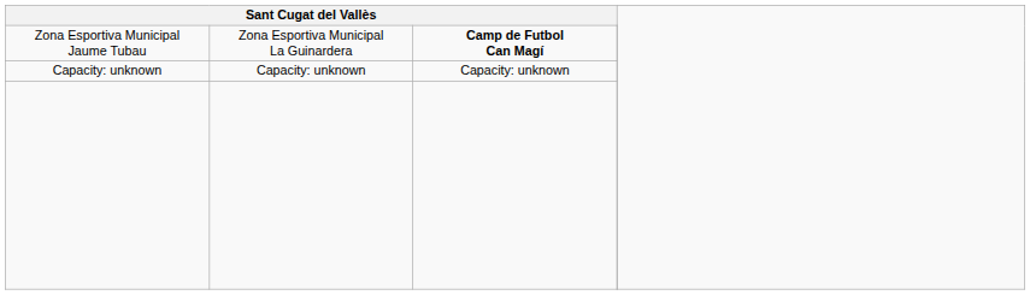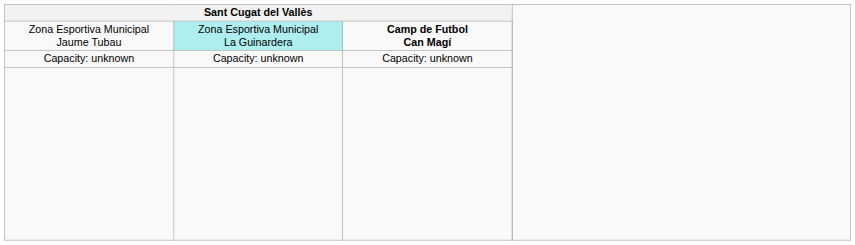 <table class="wikitable" style="text-align:center; margin:1em auto">
 <tr>
 <th width=60% colspan="5">Sant Cugat del Vallès</th>
 <td rowspan=4></td>
 </tr>
 <tr>
 <td>Zona Esportiva Municipal<br>Jaume Tubau</td>
-<td>Zona Esportiva Municipal<br>La Guinardera</td>
+<td style="background: paleturquoise;">Zona Esportiva Municipal<br>La Guinardera</td>
 <td><strong>Camp de Futbol<br>Can Magí</strong></td>
 </tr>
 <tr>
 <td>Capacity: unknown</td>
 <td>Capacity: unknown</td>
 <td>Capacity: unknown</td>
 </tr>
 <tr>
 <td height=250px width=250px></td>
 <td height=250px width=250px></td>
 <td height=250px width=250px></td>
 </tr>
 </table>
